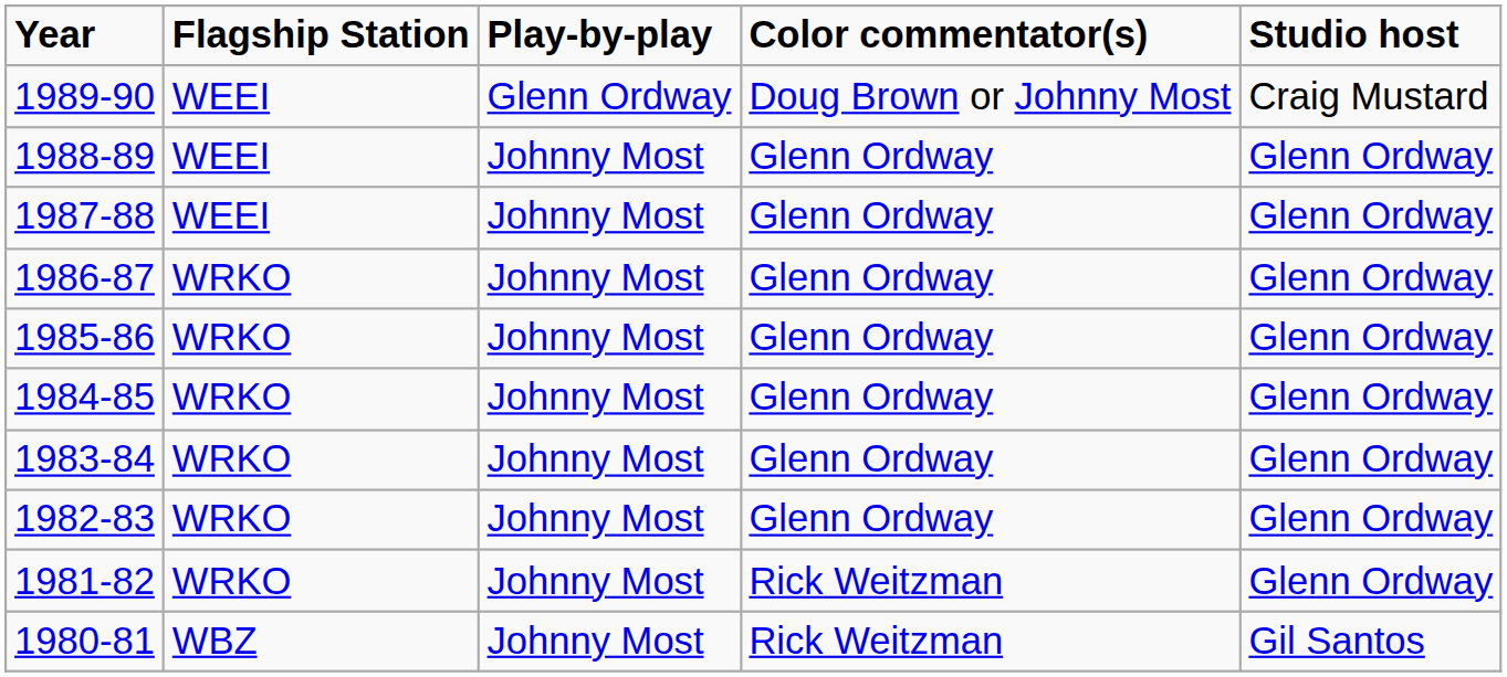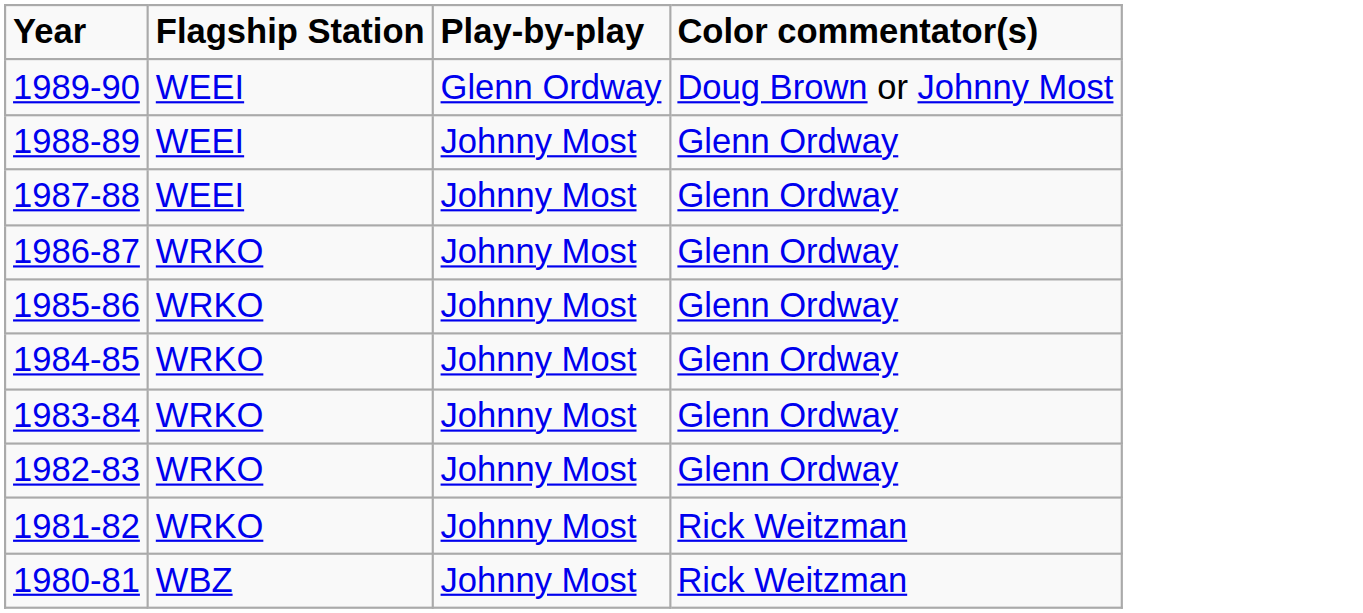 <table class="wikitable">
 <tr>
 <td><strong>Year</strong></td>
 <td><strong>Flagship Station</strong></td>
 <td><strong>Play-by-play</strong></td>
 <td><strong>Color commentator(s)</strong></td>
-<td><strong>Studio host</strong></td>
 </tr>
 <tr>
 <td><a href='#'>1989-90</a></td>
 <td><a href='#'>WEEI</a></td>
 <td><a href='#'>Glenn Ordway</a></td>
 <td><a href='#'>Doug Brown</a> or <a href='#'>Johnny Most</a></td>
-<td>Craig Mustard</td>
 </tr>
 <tr>
 <td><a href='#'>1988-89</a></td>
 <td><a href='#'>WEEI</a></td>
 <td><a href='#'>Johnny Most</a></td>
-<td><a href='#'>Glenn Ordway</a></td>
 <td><a href='#'>Glenn Ordway</a></td>
 </tr>
 <tr>
 <td><a href='#'>1987-88</a></td>
 <td><a href='#'>WEEI</a></td>
 <td><a href='#'>Johnny Most</a></td>
 <td><a href='#'>Glenn Ordway</a></td>
-<td><a href='#'>Glenn Ordway</a></td>
 </tr>
 <tr>
 <td><a href='#'>1986-87</a></td>
 <td><a href='#'>WRKO</a></td>
 <td><a href='#'>Johnny Most</a></td>
-<td><a href='#'>Glenn Ordway</a></td>
 <td><a href='#'>Glenn Ordway</a></td>
 </tr>
 <tr>
 <td><a href='#'>1985-86</a></td>
 <td><a href='#'>WRKO</a></td>
 <td><a href='#'>Johnny Most</a></td>
 <td><a href='#'>Glenn Ordway</a></td>
-<td><a href='#'>Glenn Ordway</a></td>
 </tr>
 <tr>
 <td><a href='#'>1984-85</a></td>
 <td><a href='#'>WRKO</a></td>
 <td><a href='#'>Johnny Most</a></td>
-<td><a href='#'>Glenn Ordway</a></td>
 <td><a href='#'>Glenn Ordway</a></td>
 </tr>
 <tr>
 <td><a href='#'>1983-84</a></td>
 <td><a href='#'>WRKO</a></td>
 <td><a href='#'>Johnny Most</a></td>
 <td><a href='#'>Glenn Ordway</a></td>
-<td><a href='#'>Glenn Ordway</a></td>
 </tr>
 <tr>
 <td><a href='#'>1982-83</a></td>
 <td><a href='#'>WRKO</a></td>
 <td><a href='#'>Johnny Most</a></td>
-<td><a href='#'>Glenn Ordway</a></td>
 <td><a href='#'>Glenn Ordway</a></td>
 </tr>
 <tr>
 <td><a href='#'>1981-82</a></td>
 <td><a href='#'>WRKO</a></td>
 <td><a href='#'>Johnny Most</a></td>
 <td><a href='#'>Rick Weitzman</a></td>
-<td><a href='#'>Glenn Ordway</a></td>
 </tr>
 <tr>
 <td><a href='#'>1980-81</a></td>
 <td><a href='#'>WBZ</a></td>
 <td><a href='#'>Johnny Most</a></td>
 <td><a href='#'>Rick Weitzman</a></td>
-<td><a href='#'>Gil Santos</a></td>
 </tr>
 </table>
